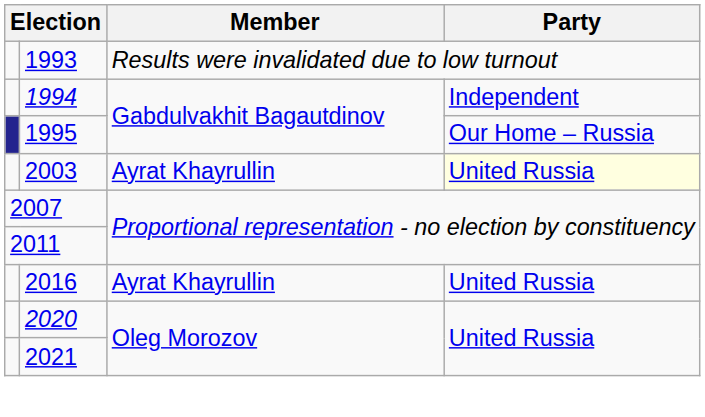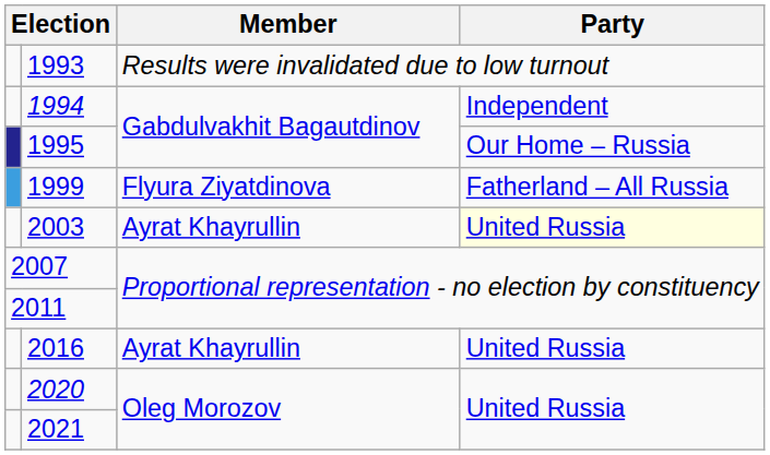 <table class="wikitable">
 <tr>
 <th colspan="2">Election</th>
 <th>Member</th>
 <th>Party</th>
 </tr>
 <tr>
 <td style="background-color:"></td>
 <td><a href='#'>1993</a></td>
 <td colspan=2><em>Results were invalidated due to low turnout</em></td>
 </tr>
 <tr>
 <td style="background-color:"></td>
 <td><em><a href='#'>1994</a></em></td>
 <td rowspan=2><a href='#'>Gabdulvakhit Bagautdinov</a></td>
 <td><a href='#'>Independent</a></td>
 </tr>
 <tr>
 <td style="background-color:#23238E"></td>
 <td><a href='#'>1995</a></td>
 <td><a href='#'>Our Home – Russia</a></td>
+</tr>
+<tr>
+<td style="background-color:#3B9EDF"></td>
+<td><a href='#'>1999</a></td>
+<td><a href='#'>Flyura Ziyatdinova</a></td>
+<td><a href='#'>Fatherland – All Russia</a></td>
 </tr>
 <tr>
 <td style="background-color:"></td>
 <td><a href='#'>2003</a></td>
 <td><a href='#'>Ayrat Khayrullin</a></td>
 <td style="background: lightyellow;"><a href='#'>United Russia</a></td>
 </tr>
 <tr>
 <td colspan=2><a href='#'>2007</a></td>
 <td colspan=2 rowspan=2><em><a href='#'>Proportional representation</a> - no election by constituency</em></td>
 </tr>
 <tr>
 <td colspan=2><a href='#'>2011</a></td>
 </tr>
 <tr>
 <td style="background-color: "></td>
 <td><a href='#'>2016</a></td>
 <td><a href='#'>Ayrat Khayrullin</a></td>
 <td><a href='#'>United Russia</a></td>
 </tr>
 <tr>
 <td style="background-color: "></td>
 <td><em><a href='#'>2020</a></em></td>
 <td rowspan=2><a href='#'>Oleg Morozov</a></td>
 <td rowspan=2><a href='#'>United Russia</a></td>
 </tr>
 <tr>
 <td style="background-color: "></td>
 <td><a href='#'>2021</a></td>
 </tr>
 </table>
